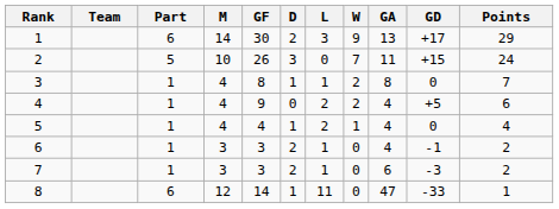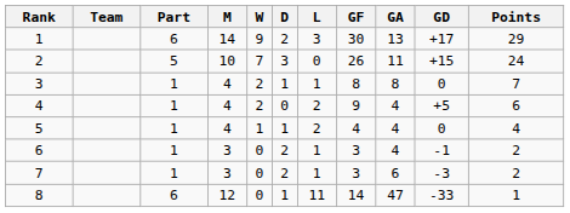 <table class="wikitable sortable" width=60% style="text-align:center">
 <tr>
 <th>Rank</th>
 <th>Team</th>
 <th>Part</th>
 <th>M</th>
-<th>GF</th>
+<th>W</th>
 <th>D</th>
 <th>L</th>
-<th>W</th>
+<th>GF</th>
 <th>GA</th>
 <th>GD</th>
 <th>Points</th>
 </tr>
 <tr>
 <td>1</td>
 <td align=left></td>
 <td>6</td>
 <td>14</td>
-<td>30</td>
+<td>9</td>
 <td>2</td>
 <td>3</td>
-<td>9</td>
+<td>30</td>
 <td>13</td>
 <td>+17</td>
 <td>29</td>
 </tr>
 <tr>
 <td>2</td>
 <td align=left></td>
 <td>5</td>
 <td>10</td>
-<td>26</td>
+<td>7</td>
 <td>3</td>
 <td>0</td>
-<td>7</td>
+<td>26</td>
 <td>11</td>
 <td>+15</td>
 <td>24</td>
 </tr>
 <tr>
 <td>3</td>
 <td align=left></td>
 <td>1</td>
 <td>4</td>
-<td>8</td>
+<td>2</td>
 <td>1</td>
 <td>1</td>
-<td>2</td>
+<td>8</td>
 <td>8</td>
 <td>0</td>
 <td>7</td>
 </tr>
 <tr>
 <td>4</td>
 <td align=left></td>
 <td>1</td>
 <td>4</td>
-<td>9</td>
+<td>2</td>
 <td>0</td>
 <td>2</td>
-<td>2</td>
+<td>9</td>
 <td>4</td>
 <td>+5</td>
 <td>6</td>
 </tr>
 <tr>
 <td>5</td>
 <td align=left></td>
 <td>1</td>
 <td>4</td>
-<td>4</td>
+<td>1</td>
 <td>1</td>
 <td>2</td>
-<td>1</td>
+<td>4</td>
 <td>4</td>
 <td>0</td>
 <td>4</td>
 </tr>
 <tr>
 <td>6</td>
 <td align=left></td>
 <td>1</td>
 <td>3</td>
-<td>3</td>
+<td>0</td>
 <td>2</td>
 <td>1</td>
-<td>0</td>
+<td>3</td>
 <td>4</td>
 <td>-1</td>
 <td>2</td>
 </tr>
 <tr>
 <td>7</td>
 <td align=left></td>
 <td>1</td>
 <td>3</td>
-<td>3</td>
+<td>0</td>
 <td>2</td>
 <td>1</td>
-<td>0</td>
+<td>3</td>
 <td>6</td>
 <td>-3</td>
 <td>2</td>
 </tr>
 <tr>
 <td>8</td>
 <td align=left></td>
 <td>6</td>
 <td>12</td>
-<td>14</td>
+<td>0</td>
 <td>1</td>
 <td>11</td>
-<td>0</td>
+<td>14</td>
 <td>47</td>
 <td>-33</td>
 <td>1</td>
 </tr>
 </table>
